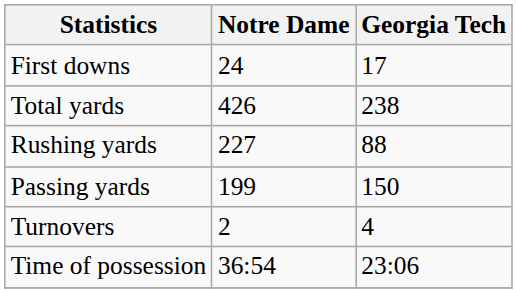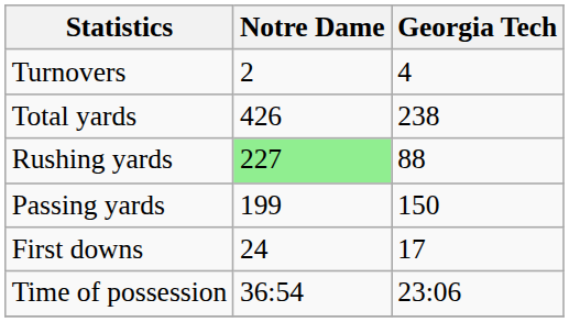 <table class="wikitable">
 <tr>
 <th>Statistics</th>
 <th>Notre Dame</th>
 <th>Georgia Tech</th>
 </tr>
 <tr>
-<td>First downs</td>
-<td>24</td>
-<td>17</td>
+<td>Turnovers</td>
+<td>2</td>
+<td>4</td>
 </tr>
 <tr>
 <td>Total yards</td>
 <td>426</td>
 <td>238</td>
 </tr>
 <tr>
 <td>Rushing yards</td>
-<td>227</td>
+<td style="background: lightgreen;">227</td>
 <td>88</td>
 </tr>
 <tr>
 <td>Passing yards</td>
 <td>199</td>
 <td>150</td>
 </tr>
 <tr>
-<td>Turnovers</td>
-<td>2</td>
-<td>4</td>
+<td>First downs</td>
+<td>24</td>
+<td>17</td>
 </tr>
 <tr>
 <td>Time of possession</td>
 <td>36:54</td>
 <td>23:06</td>
 </tr>
 <tr>
 </tr>
 </table>
